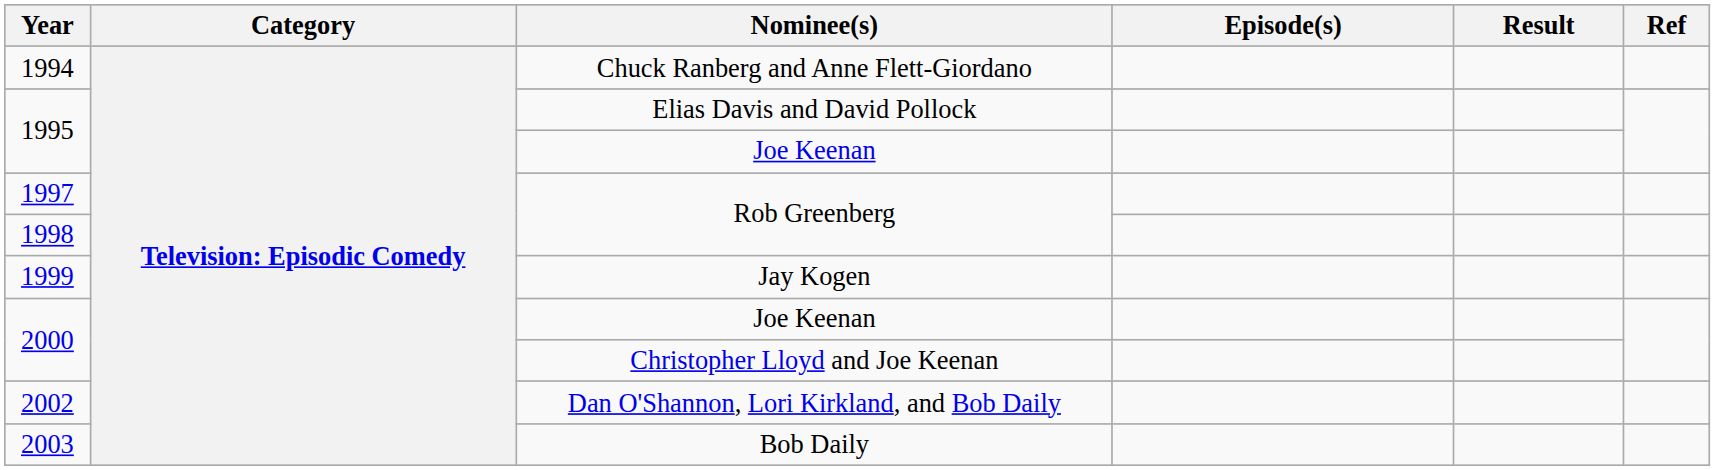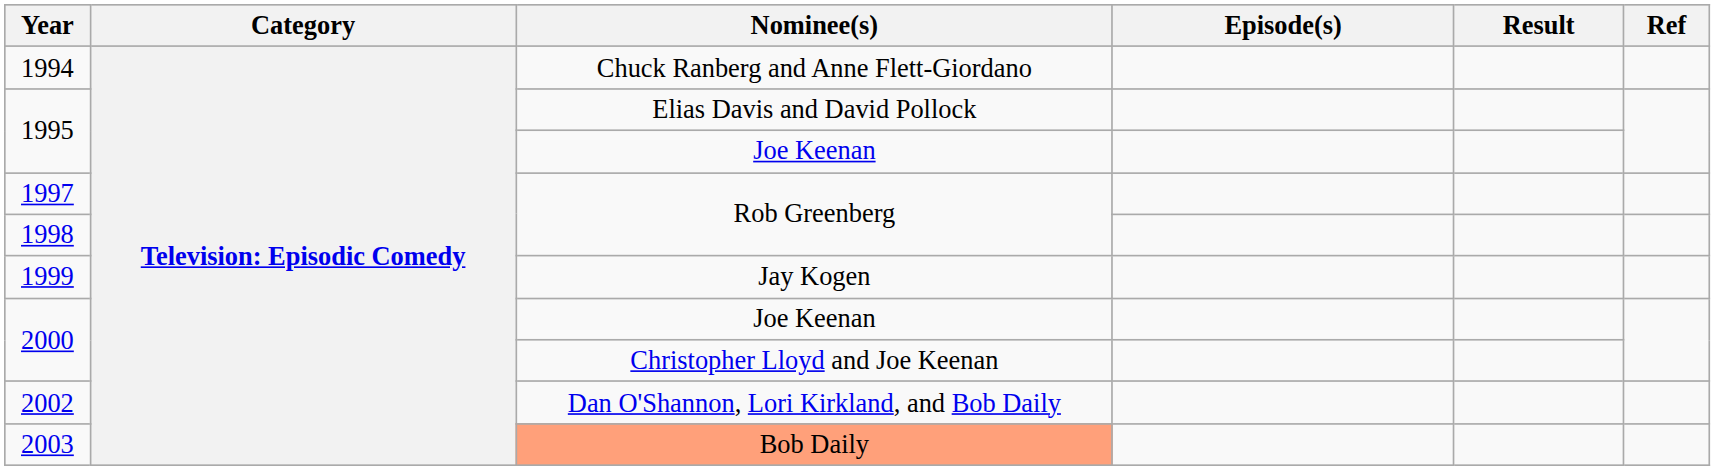 <table class="wikitable plainrowheaders" style="font-size: 100%; text-align:center" width=81.8%>
 <tr>
 <th scope="col" width="5%">Year</th>
 <th scope="col" width="25%">Category</th>
 <th scope="col" width="35%">Nominee(s)</th>
 <th scope="col" width="20%">Episode(s)</th>
 <th scope="col" width="10%">Result</th>
 <th scope="col" width="5%">Ref</th>
 </tr>
 <tr>
 <td>1994</td>
 <th scope="row" style="text-align:center" rowspan="10"><a href='#'>Television: Episodic Comedy</a></th>
 <td>Chuck Ranberg and Anne Flett-Giordano</td>
 <td></td>
 <td></td>
 <td></td>
 </tr>
 <tr>
 <td rowspan="2">1995</td>
 <td>Elias Davis and David Pollock</td>
 <td></td>
 <td></td>
 <td rowspan="2"></td>
 </tr>
 <tr>
 <td><a href='#'>Joe Keenan</a></td>
 <td></td>
 <td></td>
 </tr>
 <tr>
 <td><a href='#'>1997</a></td>
 <td rowspan="2">Rob Greenberg</td>
 <td></td>
 <td></td>
 <td></td>
 </tr>
 <tr>
 <td><a href='#'>1998</a></td>
 <td></td>
 <td></td>
 <td></td>
 </tr>
 <tr>
 <td><a href='#'>1999</a></td>
 <td>Jay Kogen</td>
 <td></td>
 <td></td>
 <td></td>
 </tr>
 <tr>
 <td rowspan="2"><a href='#'>2000</a></td>
 <td>Joe Keenan</td>
 <td></td>
 <td></td>
 <td rowspan="2"></td>
 </tr>
 <tr>
 <td><a href='#'>Christopher Lloyd</a> and Joe Keenan</td>
 <td></td>
 <td></td>
 </tr>
 <tr>
 <td><a href='#'>2002</a></td>
 <td><a href='#'>Dan O'Shannon</a>, <a href='#'>Lori Kirkland</a>, and <a href='#'>Bob Daily</a></td>
 <td></td>
 <td></td>
 <td></td>
 </tr>
 <tr>
 <td><a href='#'>2003</a></td>
-<td>Bob Daily</td>
+<td style="background: lightsalmon;">Bob Daily</td>
 <td></td>
 <td></td>
 <td></td>
 </tr>
 </table>
